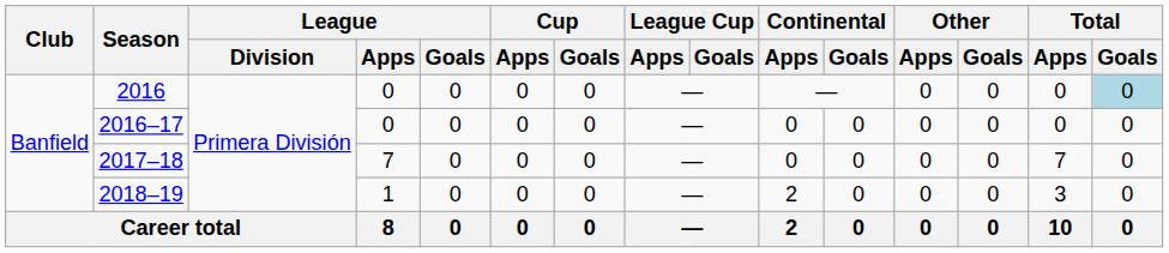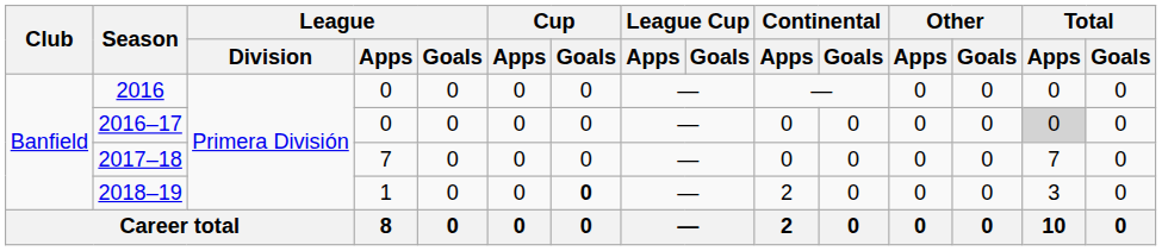 <table class="wikitable" style="text-align:center">
 <tr>
 <th rowspan="2">Club</th>
 <th rowspan="2">Season</th>
 <th colspan="3">League</th>
 <th colspan="2">Cup</th>
 <th colspan="2">League Cup</th>
 <th colspan="2">Continental</th>
 <th colspan="2">Other</th>
 <th colspan="2">Total</th>
 </tr>
 <tr>
 <th>Division</th>
 <th>Apps</th>
 <th>Goals</th>
 <th>Apps</th>
 <th>Goals</th>
 <th>Apps</th>
 <th>Goals</th>
 <th>Apps</th>
 <th>Goals</th>
 <th>Apps</th>
 <th>Goals</th>
 <th>Apps</th>
 <th>Goals</th>
 </tr>
 <tr>
 <td rowspan="4"><a href='#'>Banfield</a></td>
 <td><a href='#'>2016</a></td>
 <td rowspan="4"><a href='#'>Primera División</a></td>
 <td>0</td>
 <td>0</td>
 <td>0</td>
 <td>0</td>
 <td colspan="2">—</td>
 <td colspan="2">—</td>
 <td>0</td>
 <td>0</td>
 <td>0</td>
-<td style="background: lightblue;">0</td>
+<td>0</td>
 </tr>
 <tr>
 <td><a href='#'>2016–17</a></td>
 <td>0</td>
 <td>0</td>
 <td>0</td>
 <td>0</td>
 <td colspan="2">—</td>
 <td>0</td>
 <td>0</td>
 <td>0</td>
 <td>0</td>
-<td>0</td>
+<td style="background: lightgrey;">0</td>
 <td>0</td>
 </tr>
 <tr>
 <td><a href='#'>2017–18</a></td>
 <td>7</td>
 <td>0</td>
 <td>0</td>
 <td>0</td>
 <td colspan="2">—</td>
 <td>0</td>
 <td>0</td>
 <td>0</td>
 <td>0</td>
 <td>7</td>
 <td>0</td>
 </tr>
 <tr>
 <td><a href='#'>2018–19</a></td>
 <td>1</td>
 <td>0</td>
 <td>0</td>
-<td>0</td>
+<td><strong>0</strong></td>
 <td colspan="2">—</td>
 <td>2</td>
 <td>0</td>
 <td>0</td>
 <td>0</td>
 <td>3</td>
 <td>0</td>
 </tr>
 <tr>
 <th colspan="3">Career total</th>
 <th>8</th>
 <th>0</th>
 <th>0</th>
 <th>0</th>
 <th colspan="2">—</th>
 <th>2</th>
 <th>0</th>
 <th>0</th>
 <th>0</th>
 <th>10</th>
 <th>0</th>
 </tr>
 </table>
